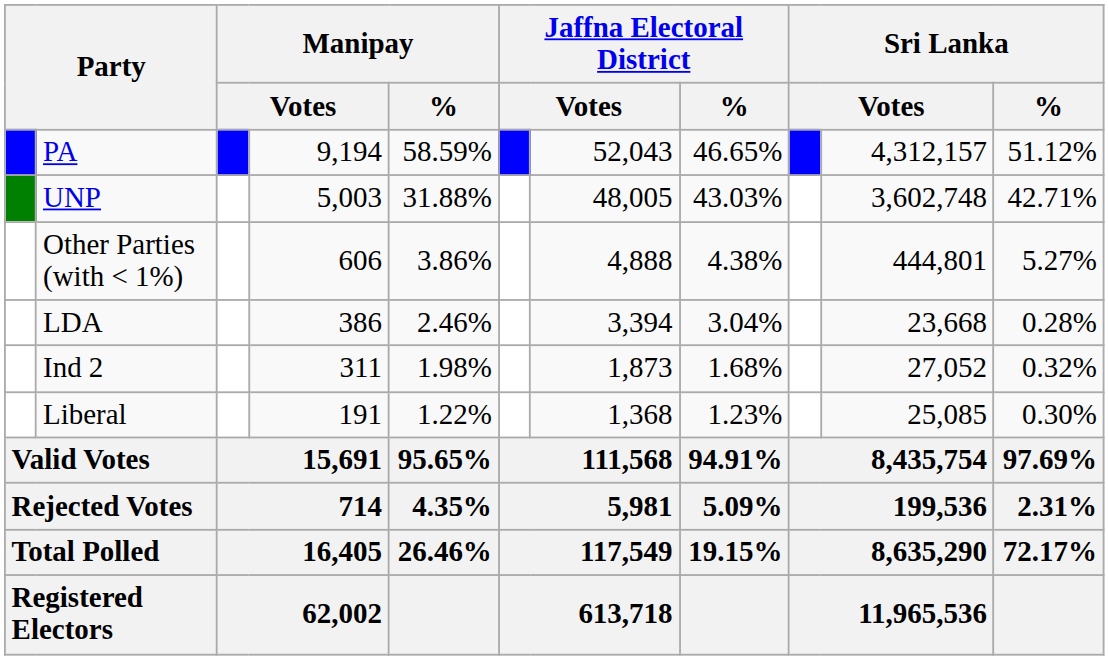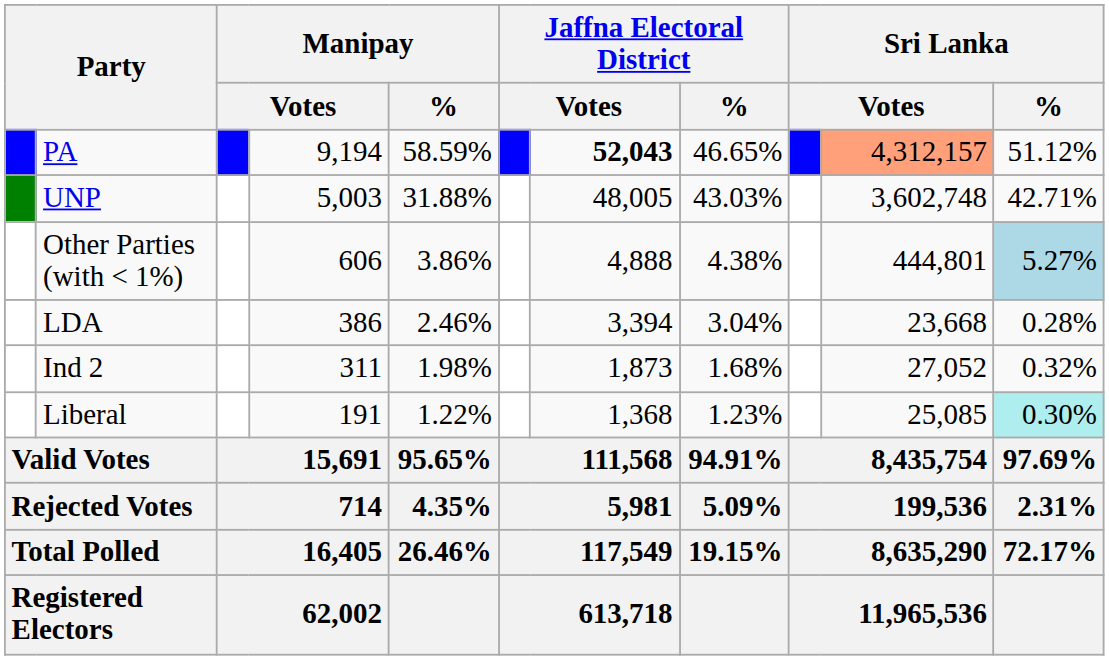 <table class="wikitable">
 <tr>
 <th colspan="2" width="144px"rowspan="2">Party</th>
 <th colspan="3" width="216px">Manipay</th>
 <th colspan="3" width="216px"><a href='#'>Jaffna Electoral District</a></th>
 <th colspan="3" width="216px">Sri Lanka</th>
 </tr>
 <tr>
 <th colspan="2" width="144px">Votes</th>
 <th>%</th>
 <th colspan="2" width="144px">Votes</th>
 <th>%</th>
 <th colspan="2" width="144px">Votes</th>
 <th>%</th>
 </tr>
 <tr>
 <td style="background-color:blue;" width="10px"></td>
 <td style="text-align:left;"><a href='#'>PA</a></td>
 <td style="background-color:blue;" width="10px"></td>
 <td style="text-align:right;">9,194</td>
 <td style="text-align:right;">58.59%</td>
 <td style="background-color:blue;" width="10px"></td>
-<td style="text-align:right;">52,043</td>
+<td style="text-align:right;"><strong>52,043</strong></td>
 <td style="text-align:right;">46.65%</td>
 <td style="background-color:blue;" width="10px"></td>
-<td style="text-align:right;">4,312,157</td>
+<td style="background: lightsalmon; text-align:right;">4,312,157</td>
 <td style="text-align:right;">51.12%</td>
 </tr>
 <tr>
 <td style="background-color:green;" width="10px"></td>
 <td style="text-align:left;"><a href='#'>UNP</a></td>
 <td style="background-color:white;" width="10px"></td>
 <td style="text-align:right;">5,003</td>
 <td style="text-align:right;">31.88%</td>
 <td style="background-color:white;" width="10px"></td>
 <td style="text-align:right;">48,005</td>
 <td style="text-align:right;">43.03%</td>
 <td style="background-color:white;" width="10px"></td>
 <td style="text-align:right;">3,602,748</td>
 <td style="text-align:right;">42.71%</td>
 </tr>
 <tr>
 <td style="background-color:white;" width="10px"></td>
 <td style="text-align:left;">Other Parties (with < 1%)</td>
 <td style="background-color:white;" width="10px"></td>
 <td style="text-align:right;">606</td>
 <td style="text-align:right;">3.86%</td>
 <td style="background-color:white;" width="10px"></td>
 <td style="text-align:right;">4,888</td>
 <td style="text-align:right;">4.38%</td>
 <td style="background-color:white;" width="10px"></td>
 <td style="text-align:right;">444,801</td>
-<td style="text-align:right;">5.27%</td>
+<td style="background: lightblue; text-align:right;">5.27%</td>
 </tr>
 <tr>
 <td style="background-color:white;" width="10px"></td>
 <td style="text-align:left;">LDA</td>
 <td style="background-color:white;" width="10px"></td>
 <td style="text-align:right;">386</td>
 <td style="text-align:right;">2.46%</td>
 <td style="background-color:white;" width="10px"></td>
 <td style="text-align:right;">3,394</td>
 <td style="text-align:right;">3.04%</td>
 <td style="background-color:white;" width="10px"></td>
 <td style="text-align:right;">23,668</td>
 <td style="text-align:right;">0.28%</td>
 </tr>
 <tr>
 <td style="background-color:white;" width="10px"></td>
 <td style="text-align:left;">Ind 2</td>
 <td style="background-color:white;" width="10px"></td>
 <td style="text-align:right;">311</td>
 <td style="text-align:right;">1.98%</td>
 <td style="background-color:white;" width="10px"></td>
 <td style="text-align:right;">1,873</td>
 <td style="text-align:right;">1.68%</td>
 <td style="background-color:white;" width="10px"></td>
 <td style="text-align:right;">27,052</td>
 <td style="text-align:right;">0.32%</td>
 </tr>
 <tr>
 <td style="background-color:white;" width="10px"></td>
 <td style="text-align:left;">Liberal</td>
 <td style="background-color:white;" width="10px"></td>
 <td style="text-align:right;">191</td>
 <td style="text-align:right;">1.22%</td>
 <td style="background-color:white;" width="10px"></td>
 <td style="text-align:right;">1,368</td>
 <td style="text-align:right;">1.23%</td>
 <td style="background-color:white;" width="10px"></td>
 <td style="text-align:right;">25,085</td>
-<td style="text-align:right;">0.30%</td>
+<td style="background: paleturquoise; text-align:right;">0.30%</td>
 </tr>
 <tr>
 <th colspan="2" width="144px"style="text-align:left;">Valid Votes</th>
 <th style="text-align:right;"colspan="2" width="144px">15,691</th>
 <th style="text-align:right;">95.65%</th>
 <th style="text-align:right;"colspan="2" width="144px">111,568</th>
 <th style="text-align:right;">94.91%</th>
 <th style="text-align:right;"colspan="2" width="144px">8,435,754</th>
 <th style="text-align:right;">97.69%</th>
 </tr>
 <tr>
 <th colspan="2" width="144px"style="text-align:left;">Rejected Votes</th>
 <th style="text-align:right;"colspan="2" width="144px">714</th>
 <th style="text-align:right;">4.35%</th>
 <th style="text-align:right;"colspan="2" width="144px">5,981</th>
 <th style="text-align:right;">5.09%</th>
 <th style="text-align:right;"colspan="2" width="144px">199,536</th>
 <th style="text-align:right;">2.31%</th>
 </tr>
 <tr>
 <th colspan="2" width="144px"style="text-align:left;">Total Polled</th>
 <th style="text-align:right;"colspan="2" width="144px">16,405</th>
 <th style="text-align:right;">26.46%</th>
 <th style="text-align:right;"colspan="2" width="144px">117,549</th>
 <th style="text-align:right;">19.15%</th>
 <th style="text-align:right;"colspan="2" width="144px">8,635,290</th>
 <th style="text-align:right;">72.17%</th>
 </tr>
 <tr>
 <th colspan="2" width="144px"style="text-align:left;">Registered Electors</th>
 <th style="text-align:right;"colspan="2" width="144px">62,002</th>
 <th></th>
 <th style="text-align:right;"colspan="2" width="144px">613,718</th>
 <th></th>
 <th style="text-align:right;"colspan="2" width="144px">11,965,536</th>
 <th></th>
 </tr>
 </table>
